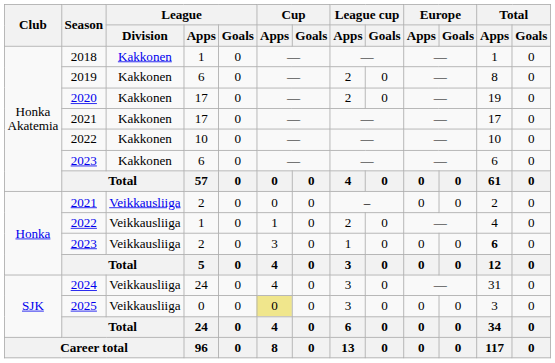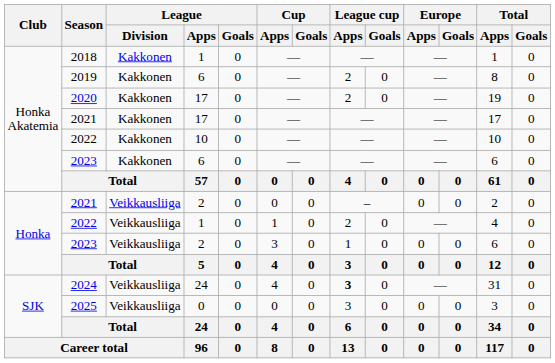 <table class="wikitable" style="text-align:center">
 <tr>
 <th rowspan="2">Club</th>
 <th rowspan="2">Season</th>
 <th colspan="3">League</th>
 <th colspan="2">Cup</th>
 <th colspan="2">League cup</th>
 <th colspan="2">Europe</th>
 <th colspan="2">Total</th>
 </tr>
 <tr>
 <th>Division</th>
 <th>Apps</th>
 <th>Goals</th>
 <th>Apps</th>
 <th>Goals</th>
 <th>Apps</th>
 <th>Goals</th>
 <th>Apps</th>
 <th>Goals</th>
 <th>Apps</th>
 <th>Goals</th>
 </tr>
 <tr>
 <td rowspan="7">Honka Akatemia</td>
 <td>2018</td>
 <td><a href='#'>Kakkonen</a></td>
 <td>1</td>
 <td>0</td>
 <td colspan="2">—</td>
 <td colspan="2">—</td>
 <td colspan="2">—</td>
 <td>1</td>
 <td>0</td>
 </tr>
 <tr>
 <td>2019</td>
 <td>Kakkonen</td>
 <td>6</td>
 <td>0</td>
 <td colspan="2">—</td>
 <td>2</td>
 <td>0</td>
 <td colspan="2">—</td>
 <td>8</td>
 <td>0</td>
 </tr>
 <tr>
 <td><a href='#'>2020</a></td>
 <td>Kakkonen</td>
 <td>17</td>
 <td>0</td>
 <td colspan="2">—</td>
 <td>2</td>
 <td>0</td>
 <td colspan="2">—</td>
 <td>19</td>
 <td>0</td>
 </tr>
 <tr>
 <td>2021</td>
 <td>Kakkonen</td>
 <td>17</td>
 <td>0</td>
 <td colspan="2">—</td>
 <td colspan="2">—</td>
 <td colspan="2">—</td>
 <td>17</td>
 <td>0</td>
 </tr>
 <tr>
 <td>2022</td>
 <td>Kakkonen</td>
 <td>10</td>
 <td>0</td>
 <td colspan="2">—</td>
 <td colspan="2">—</td>
 <td colspan="2">—</td>
 <td>10</td>
 <td>0</td>
 </tr>
 <tr>
 <td><a href='#'>2023</a></td>
 <td>Kakkonen</td>
 <td>6</td>
 <td>0</td>
 <td colspan="2">—</td>
 <td colspan="2">—</td>
 <td colspan="2">—</td>
 <td>6</td>
 <td>0</td>
 </tr>
 <tr>
 <th colspan="2">Total</th>
 <th>57</th>
 <th>0</th>
 <th>0</th>
 <th>0</th>
 <th>4</th>
 <th>0</th>
 <th>0</th>
 <th>0</th>
 <th>61</th>
 <th>0</th>
 </tr>
 <tr>
 <td rowspan="4"><a href='#'>Honka</a></td>
 <td><a href='#'>2021</a></td>
 <td><a href='#'>Veikkausliiga</a></td>
 <td>2</td>
 <td>0</td>
 <td>0</td>
 <td>0</td>
 <td colspan=2>–</td>
 <td>0</td>
 <td>0</td>
 <td>2</td>
 <td>0</td>
 </tr>
 <tr>
 <td><a href='#'>2022</a></td>
 <td>Veikkausliiga</td>
 <td>1</td>
 <td>0</td>
 <td>1</td>
 <td>0</td>
 <td>2</td>
 <td>0</td>
 <td colspan="2">—</td>
 <td>4</td>
 <td>0</td>
 </tr>
 <tr>
 <td><a href='#'>2023</a></td>
 <td>Veikkausliiga</td>
 <td>2</td>
 <td>0</td>
 <td>3</td>
 <td>0</td>
 <td>1</td>
 <td>0</td>
 <td>0</td>
 <td>0</td>
-<td><strong>6</strong></td>
+<td>6</td>
 <td>0</td>
 </tr>
 <tr>
 <th colspan="2">Total</th>
 <th>5</th>
 <th>0</th>
 <th>4</th>
 <th>0</th>
 <th>3</th>
 <th>0</th>
 <th>0</th>
 <th>0</th>
 <th>12</th>
 <th>0</th>
 </tr>
 <tr>
 <td rowspan="3"><a href='#'>SJK</a></td>
 <td><a href='#'>2024</a></td>
 <td>Veikkausliiga</td>
 <td>24</td>
 <td>0</td>
 <td>4</td>
 <td>0</td>
-<td>3</td>
+<td><strong>3</strong></td>
 <td>0</td>
 <td colspan="2">—</td>
 <td>31</td>
 <td>0</td>
 </tr>
 <tr>
 <td><a href='#'>2025</a></td>
 <td>Veikkausliiga</td>
 <td>0</td>
 <td>0</td>
-<td style="background: khaki;">0</td>
+<td>0</td>
 <td>0</td>
 <td>3</td>
 <td>0</td>
 <td>0</td>
 <td>0</td>
 <td>3</td>
 <td>0</td>
 </tr>
 <tr>
 <th colspan=2>Total</th>
 <th>24</th>
 <th>0</th>
 <th>4</th>
 <th>0</th>
 <th>6</th>
 <th>0</th>
 <th>0</th>
 <th>0</th>
 <th>34</th>
 <th>0</th>
 </tr>
 <tr>
 <th colspan="3">Career total</th>
 <th>96</th>
 <th>0</th>
 <th>8</th>
 <th>0</th>
 <th>13</th>
 <th>0</th>
 <th>0</th>
 <th>0</th>
 <th>117</th>
 <th>0</th>
 </tr>
 </table>
